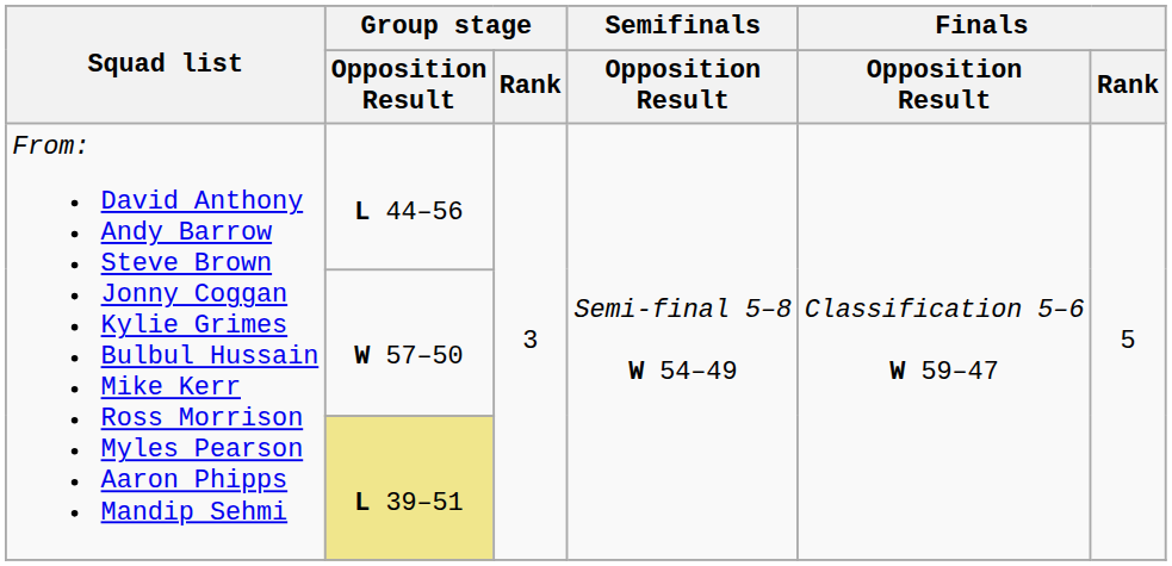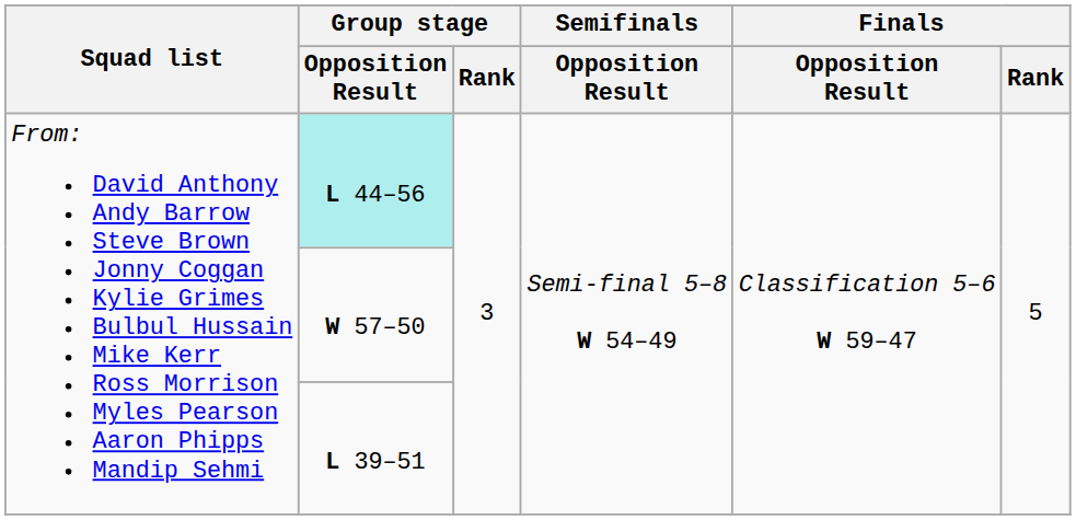 <table class=wikitable style="font-size:90%">
 <tr>
 <th rowspan="2">Squad list</th>
 <th colspan="2">Group stage</th>
 <th>Semifinals</th>
 <th colspan="2">Finals</th>
 </tr>
 <tr>
 <th>Opposition<br>Result</th>
 <th>Rank</th>
 <th>Opposition<br>Result</th>
 <th>Opposition<br>Result</th>
 <th>Rank</th>
 </tr>
 <tr>
 <td rowspan="3"><em>From:</em><br><ul><li><a href='#'>David Anthony</a></li><li><a href='#'>Andy Barrow</a></li><li><a href='#'>Steve Brown</a></li><li><a href='#'>Jonny Coggan</a></li><li><a href='#'>Kylie Grimes</a></li><li><a href='#'>Bulbul Hussain</a></li><li><a href='#'>Mike Kerr</a></li><li><a href='#'>Ross Morrison</a></li><li><a href='#'>Myles Pearson</a></li><li><a href='#'>Aaron Phipps</a></li><li><a href='#'>Mandip Sehmi</a></li></ul></td>
-<td align="center"><br><strong>L</strong> 44–56</td>
+<td align="center" style="background: paleturquoise;"><br><strong>L</strong> 44–56</td>
 <td align="center" rowspan="3">3</td>
 <td align="center" rowspan="3"><em>Semi-final 5–8</em><br><br><strong>W</strong> 54–49</td>
 <td align="center" rowspan="3"><em>Classification 5–6</em><br><br><strong>W</strong> 59–47</td>
 <td align="center" rowspan="3">5</td>
 </tr>
 <tr>
 <td align="center"><br><strong>W</strong> 57–50</td>
 </tr>
 <tr>
-<td align="center" style="background: khaki;"><br><strong>L</strong> 39–51</td>
+<td align="center"><br><strong>L</strong> 39–51</td>
 </tr>
 </table>
